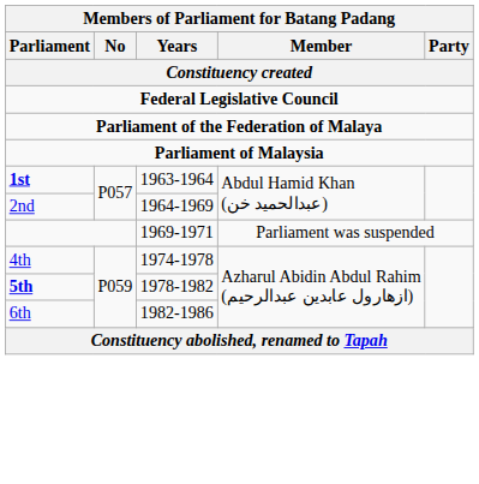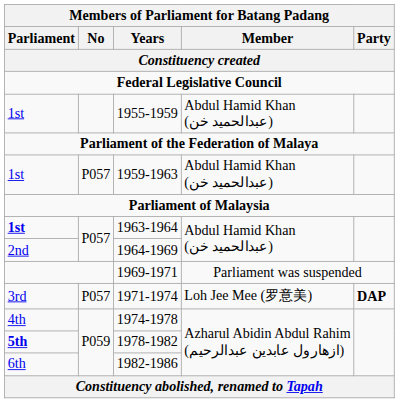 <table class=wikitable>
 <tr>
 <th colspan="5">Members of Parliament for Batang Padang</th>
 </tr>
 <tr>
 <th>Parliament</th>
 <th>No</th>
 <th>Years</th>
 <th>Member</th>
 <th>Party</th>
 </tr>
 <tr>
 <th colspan="5" align="center"><em>Constituency created</em></th>
 </tr>
 <tr>
 <td colspan="5" align="center"><strong>Federal Legislative Council</strong></td>
 </tr>
 <tr>
+<td><a href='#'>1st</a></td>
+<td></td>
+<td>1955-1959</td>
+<td>Abdul Hamid Khan <br> (عبدالحميد خن)</td>
+<td></td>
+</tr>
+<tr>
 <td colspan="5" align="center"><strong>Parliament of the Federation of Malaya</strong></td>
+</tr>
+<tr>
+<td><a href='#'>1st</a></td>
+<td>P057</td>
+<td>1959-1963</td>
+<td>Abdul Hamid Khan <br> (عبدالحميد خن)</td>
+<td></td>
 </tr>
 <tr>
 <td colspan="5" align="center"><strong>Parliament of Malaysia</strong></td>
 </tr>
 <tr>
 <td><strong><a href='#'>1st</a></strong></td>
 <td rowspan="2">P057</td>
 <td>1963-1964</td>
 <td rowspan=2>Abdul Hamid Khan <br> (عبدالحميد خن)</td>
 <td rowspan=2></td>
 </tr>
 <tr>
 <td><a href='#'>2nd</a></td>
 <td>1964-1969</td>
 </tr>
 <tr>
 <td colspan="2"></td>
 <td>1969-1971</td>
 <td colspan=2 align=center>Parliament was suspended</td>
 </tr>
 <tr>
+<td><a href='#'>3rd</a></td>
+<td>P057</td>
+<td>1971-1974</td>
+<td>Loh Jee Mee (罗意美)</td>
+<td><strong>DAP</strong></td>
+</tr>
+<tr>
 <td><a href='#'>4th</a></td>
 <td rowspan="3">P059</td>
 <td>1974-1978</td>
 <td rowspan=3>Azharul Abidin Abdul Rahim <br> (ازهارول عابدين عبدالرحيم)</td>
 <td rowspan="3"></td>
 </tr>
 <tr>
 <td><strong><a href='#'>5th</a></strong></td>
 <td>1978-1982</td>
 </tr>
 <tr>
 <td><a href='#'>6th</a></td>
 <td>1982-1986</td>
 </tr>
 <tr>
 <th colspan="5" align="center"><em>Constituency abolished, renamed to <a href='#'>Tapah</a></em></th>
 </tr>
 </table>
